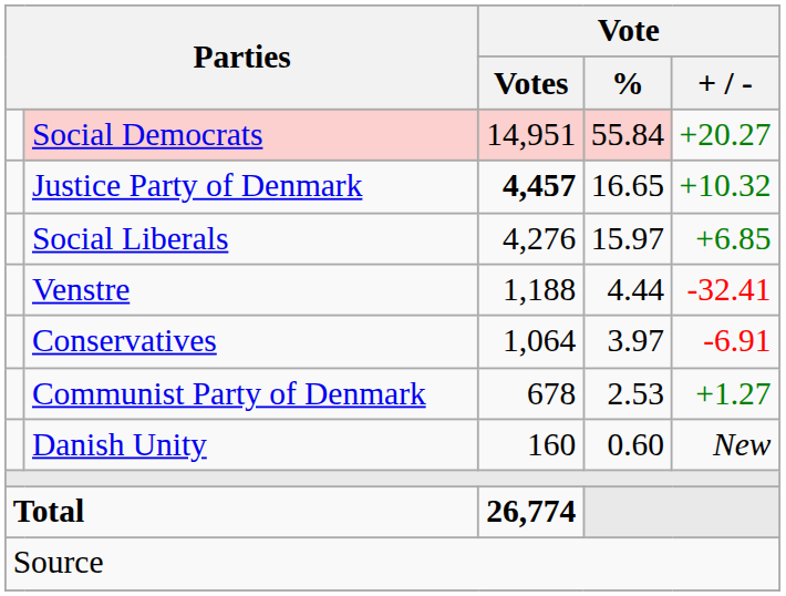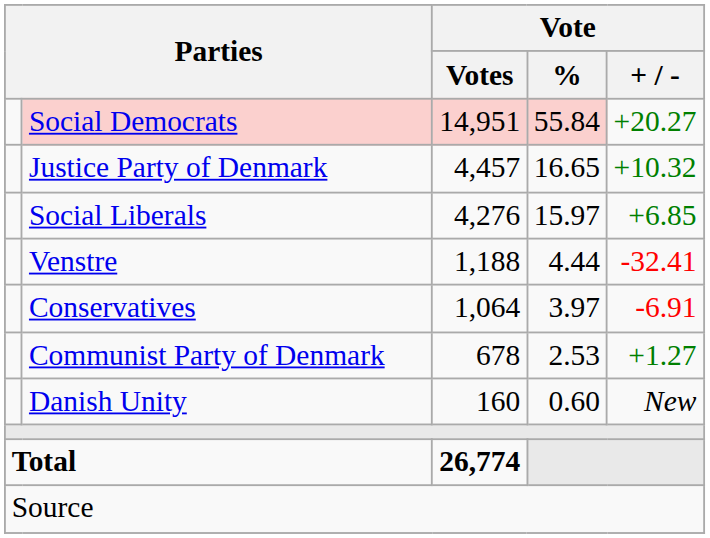 <table class="wikitable" style="text-align:right;">
 <tr>
 <th style="text-align:centre;" rowspan="2" colspan="2" width="225">Parties</th>
 <th colspan="3">Vote</th>
 </tr>
 <tr>
 <th width="15">Votes</th>
 <th width="15">%</th>
 <th width="15">+ / -</th>
 </tr>
 <tr>
 <td width="2" style="color:inherit;background:"></td>
 <td bgcolor=#fbd0ce  align="left"><a href='#'>Social Democrats</a></td>
 <td bgcolor=#fbd0ce>14,951</td>
 <td bgcolor=#fbd0ce>55.84</td>
 <td style=color:green;>+20.27</td>
 </tr>
 <tr>
 <td width="2" style="color:inherit;background:"></td>
 <td align="left"><a href='#'>Justice Party of Denmark</a></td>
-<td><strong>4,457</strong></td>
+<td>4,457</td>
 <td>16.65</td>
 <td style=color:green;>+10.32</td>
 </tr>
 <tr>
 <td width="2" style="color:inherit;background:"></td>
 <td align="left"><a href='#'>Social Liberals</a></td>
 <td>4,276</td>
 <td>15.97</td>
 <td style=color:green;>+6.85</td>
 </tr>
 <tr>
 <td width="2" style="color:inherit;background:"></td>
 <td align="left"><a href='#'>Venstre</a></td>
 <td>1,188</td>
 <td>4.44</td>
 <td style=color:red;>-32.41</td>
 </tr>
 <tr>
 <td width="2" style="color:inherit;background:"></td>
 <td align="left"><a href='#'>Conservatives</a></td>
 <td>1,064</td>
 <td>3.97</td>
 <td style=color:red;>-6.91</td>
 </tr>
 <tr>
 <td width="2" style="color:inherit;background:"></td>
 <td align="left"><a href='#'>Communist Party of Denmark</a></td>
 <td>678</td>
 <td>2.53</td>
 <td style=color:green;>+1.27</td>
 </tr>
 <tr>
 <td width="2" style="color:inherit;background:"></td>
 <td align="left"><a href='#'>Danish Unity</a></td>
 <td>160</td>
 <td>0.60</td>
 <td><em>New</em></td>
 </tr>
 <tr>
 <td colspan="7" bgcolor="#E9E9E9"></td>
 </tr>
 <tr>
 <td align="left" colspan="2"><strong>Total</strong></td>
 <td><strong>26,774</strong></td>
 <td bgcolor="#E9E9E9" colspan="2"></td>
 </tr>
 <tr>
 <td align="left" colspan="6">Source</td>
 </tr>
 </table>
